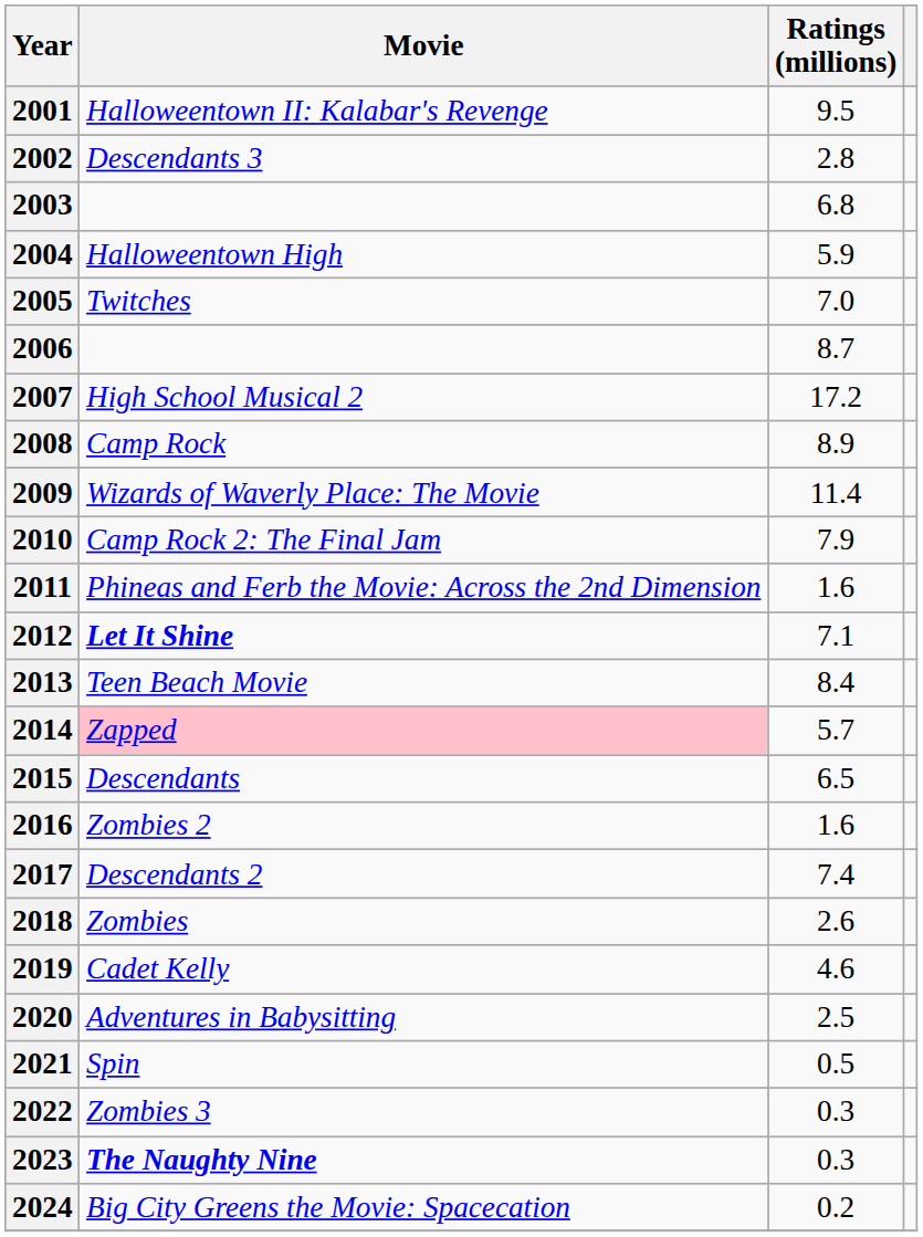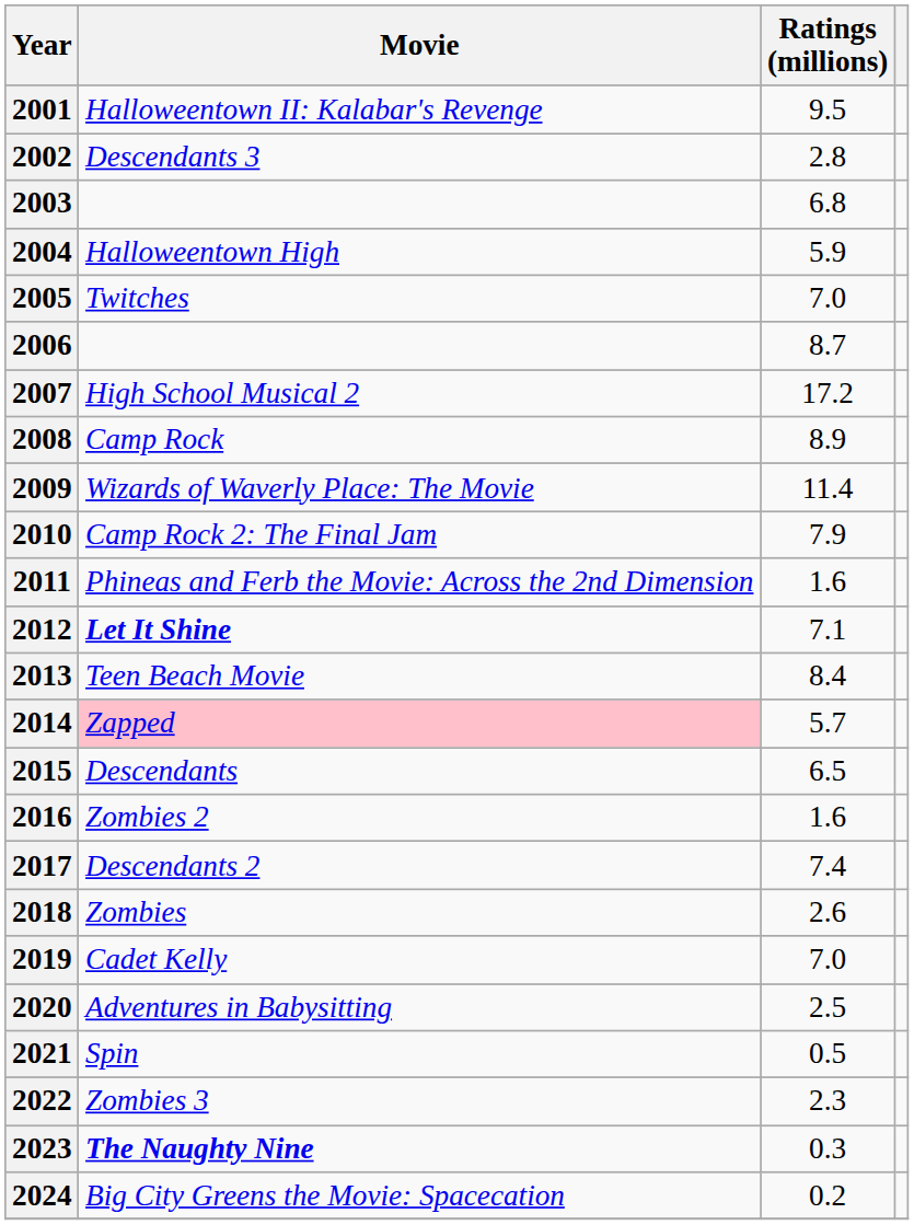 <table class="sortable plainrowheaders wikitable" style="align:left;">
 <tr>
 <th scope="col">Year</th>
 <th scope="col">Movie</th>
 <th scope="col">Ratings<br>(millions)</th>
 <th scope="col" class="unsortable"></th>
 </tr>
 <tr>
 <th scope="row" style="text-align:center;">2001</th>
 <td><em><a href='#'>Halloweentown II: Kalabar's Revenge</a></em></td>
 <td style="text-align:center;">9.5</td>
 <td></td>
 </tr>
 <tr>
 <th scope="row" style="text-align:center;">2002</th>
 <td><em><a href='#'>Descendants 3</a></em></td>
 <td style="text-align:center;">2.8</td>
 <td></td>
 </tr>
 <tr>
 <th scope="row" style="text-align:center;">2003</th>
 <td></td>
 <td style="text-align:center;">6.8</td>
 <td></td>
 </tr>
 <tr>
 <th scope="row" style="text-align:center;">2004</th>
 <td><em><a href='#'>Halloweentown High</a></em></td>
 <td style="text-align:center;">5.9</td>
 <td></td>
 </tr>
 <tr>
 <th scope="row" style="text-align:center;">2005</th>
 <td><em><a href='#'>Twitches</a></em></td>
 <td style="text-align:center;">7.0</td>
 <td></td>
 </tr>
 <tr>
 <th scope="row" style="text-align:center;">2006</th>
 <td></td>
 <td style="text-align:center;">8.7</td>
 <td></td>
 </tr>
 <tr>
 <th scope="row" style="text-align:center;">2007</th>
 <td><em><a href='#'>High School Musical 2</a></em></td>
 <td style="text-align:center;">17.2</td>
 <td></td>
 </tr>
 <tr>
 <th scope="row" style="text-align:center;">2008</th>
 <td><em><a href='#'>Camp Rock</a></em></td>
 <td style="text-align:center;">8.9</td>
 <td></td>
 </tr>
 <tr>
 <th scope="row" style="text-align:center;">2009</th>
 <td><em><a href='#'>Wizards of Waverly Place: The Movie</a></em></td>
 <td style="text-align:center;">11.4</td>
 <td></td>
 </tr>
 <tr>
 <th scope="row" style="text-align:center;">2010</th>
 <td><em><a href='#'>Camp Rock 2: The Final Jam</a></em></td>
 <td style="text-align:center;">7.9</td>
 <td></td>
 </tr>
 <tr>
 <th scope="row" style="text-align:center;">2011</th>
 <td><em><a href='#'>Phineas and Ferb the Movie: Across the 2nd Dimension</a></em></td>
 <td style="text-align:center;">1.6</td>
 <td></td>
 </tr>
 <tr>
 <th scope="row" style="text-align:center;">2012</th>
 <td><strong><em><a href='#'>Let It Shine</a></em></strong></td>
 <td style="text-align:center;">7.1</td>
 <td></td>
 </tr>
 <tr>
 <th scope="row" style="text-align:center;">2013</th>
 <td><em><a href='#'>Teen Beach Movie</a></em></td>
 <td style="text-align:center;">8.4</td>
 <td></td>
 </tr>
 <tr>
 <th scope="row" style="text-align:center;">2014</th>
 <td style="background: pink;"><em><a href='#'>Zapped</a></em></td>
 <td style="text-align:center;">5.7</td>
 <td></td>
 </tr>
 <tr>
 <th scope="row" style="text-align:center;">2015</th>
 <td><em><a href='#'>Descendants</a></em></td>
 <td style="text-align:center;">6.5</td>
 <td></td>
 </tr>
 <tr>
 <th scope="row" style="text-align:center;">2016</th>
 <td><em><a href='#'>Zombies 2</a></em></td>
 <td style="text-align:center;">1.6</td>
 <td></td>
 </tr>
 <tr>
 <th scope="row" style="text-align:center;">2017</th>
 <td><em><a href='#'>Descendants 2</a></em></td>
 <td style="text-align:center;">7.4</td>
 <td></td>
 </tr>
 <tr>
 <th scope="row" style="text-align:center;">2018</th>
 <td><em><a href='#'>Zombies</a></em></td>
 <td style="text-align:center;">2.6</td>
 <td></td>
 </tr>
 <tr>
 <th scope="row" style="text-align:center;">2019</th>
 <td><em><a href='#'>Cadet Kelly</a></em></td>
-<td style="text-align:center;">4.6</td>
+<td style="text-align:center;">7.0</td>
 <td></td>
 </tr>
 <tr>
 <th scope="row" style="text-align:center;">2020</th>
 <td><em><a href='#'>Adventures in Babysitting</a></em></td>
 <td style="text-align:center;">2.5</td>
 <td></td>
 </tr>
 <tr>
 <th scope="row" style="text-align:center;">2021</th>
 <td><em><a href='#'>Spin</a></em></td>
 <td style="text-align:center;">0.5</td>
 <td></td>
 </tr>
 <tr>
 <th scope="row" style="text-align:center;">2022</th>
 <td><em><a href='#'>Zombies 3</a></em></td>
-<td style="text-align:center;">0.3</td>
+<td style="text-align:center;">2.3</td>
 <td></td>
 </tr>
 <tr>
 <th scope="row" style="text-align:center;">2023</th>
 <td><strong><em><a href='#'>The Naughty Nine</a></em></strong></td>
 <td style="text-align:center;">0.3</td>
 <td></td>
 </tr>
 <tr>
 <th scope="row" style="text-align:center;">2024</th>
 <td><em><a href='#'>Big City Greens the Movie: Spacecation</a></em></td>
 <td style="text-align:center;">0.2</td>
 <td></td>
 </tr>
 <tr>
 </tr>
 </table>
